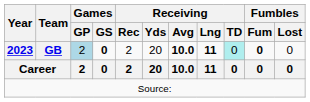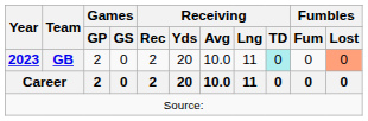 <table class="wikitable" style="text-align: center;">
 <tr>
 <th rowspan="2">Year</th>
 <th rowspan="2">Team</th>
 <th colspan="2">Games</th>
 <th colspan="5">Receiving</th>
 <th colspan="2">Fumbles</th>
 </tr>
 <tr>
 <th>GP</th>
 <th>GS</th>
 <th>Rec</th>
 <th>Yds</th>
 <th>Avg</th>
 <th>Lng</th>
 <th>TD</th>
 <th>Fum</th>
 <th>Lost</th>
 </tr>
 <tr>
 <th><a href='#'>2023</a></th>
 <th><a href='#'>GB</a></th>
-<td style="background: lightblue;">2</td>
-<td><strong>0</strong></td>
+<td>2</td>
+<td>0</td>
 <td>2</td>
 <td>20</td>
-<td><strong>10.0</strong></td>
-<td><strong>11</strong></td>
+<td>10.0</td>
+<td>11</td>
 <td style="background: paleturquoise;">0</td>
-<td><strong>0</strong></td>
 <td>0</td>
+<td style="background: lightsalmon;">0</td>
 </tr>
 <tr>
 <th colspan="2">Career</th>
 <th>2</th>
 <th>0</th>
 <th>2</th>
 <th>20</th>
 <th>10.0</th>
 <th>11</th>
 <th>0</th>
 <th>0</th>
 <th>0</th>
 </tr>
 <tr>
 <td colspan="16"><small>Source: </small></td>
 </tr>
 </table>
